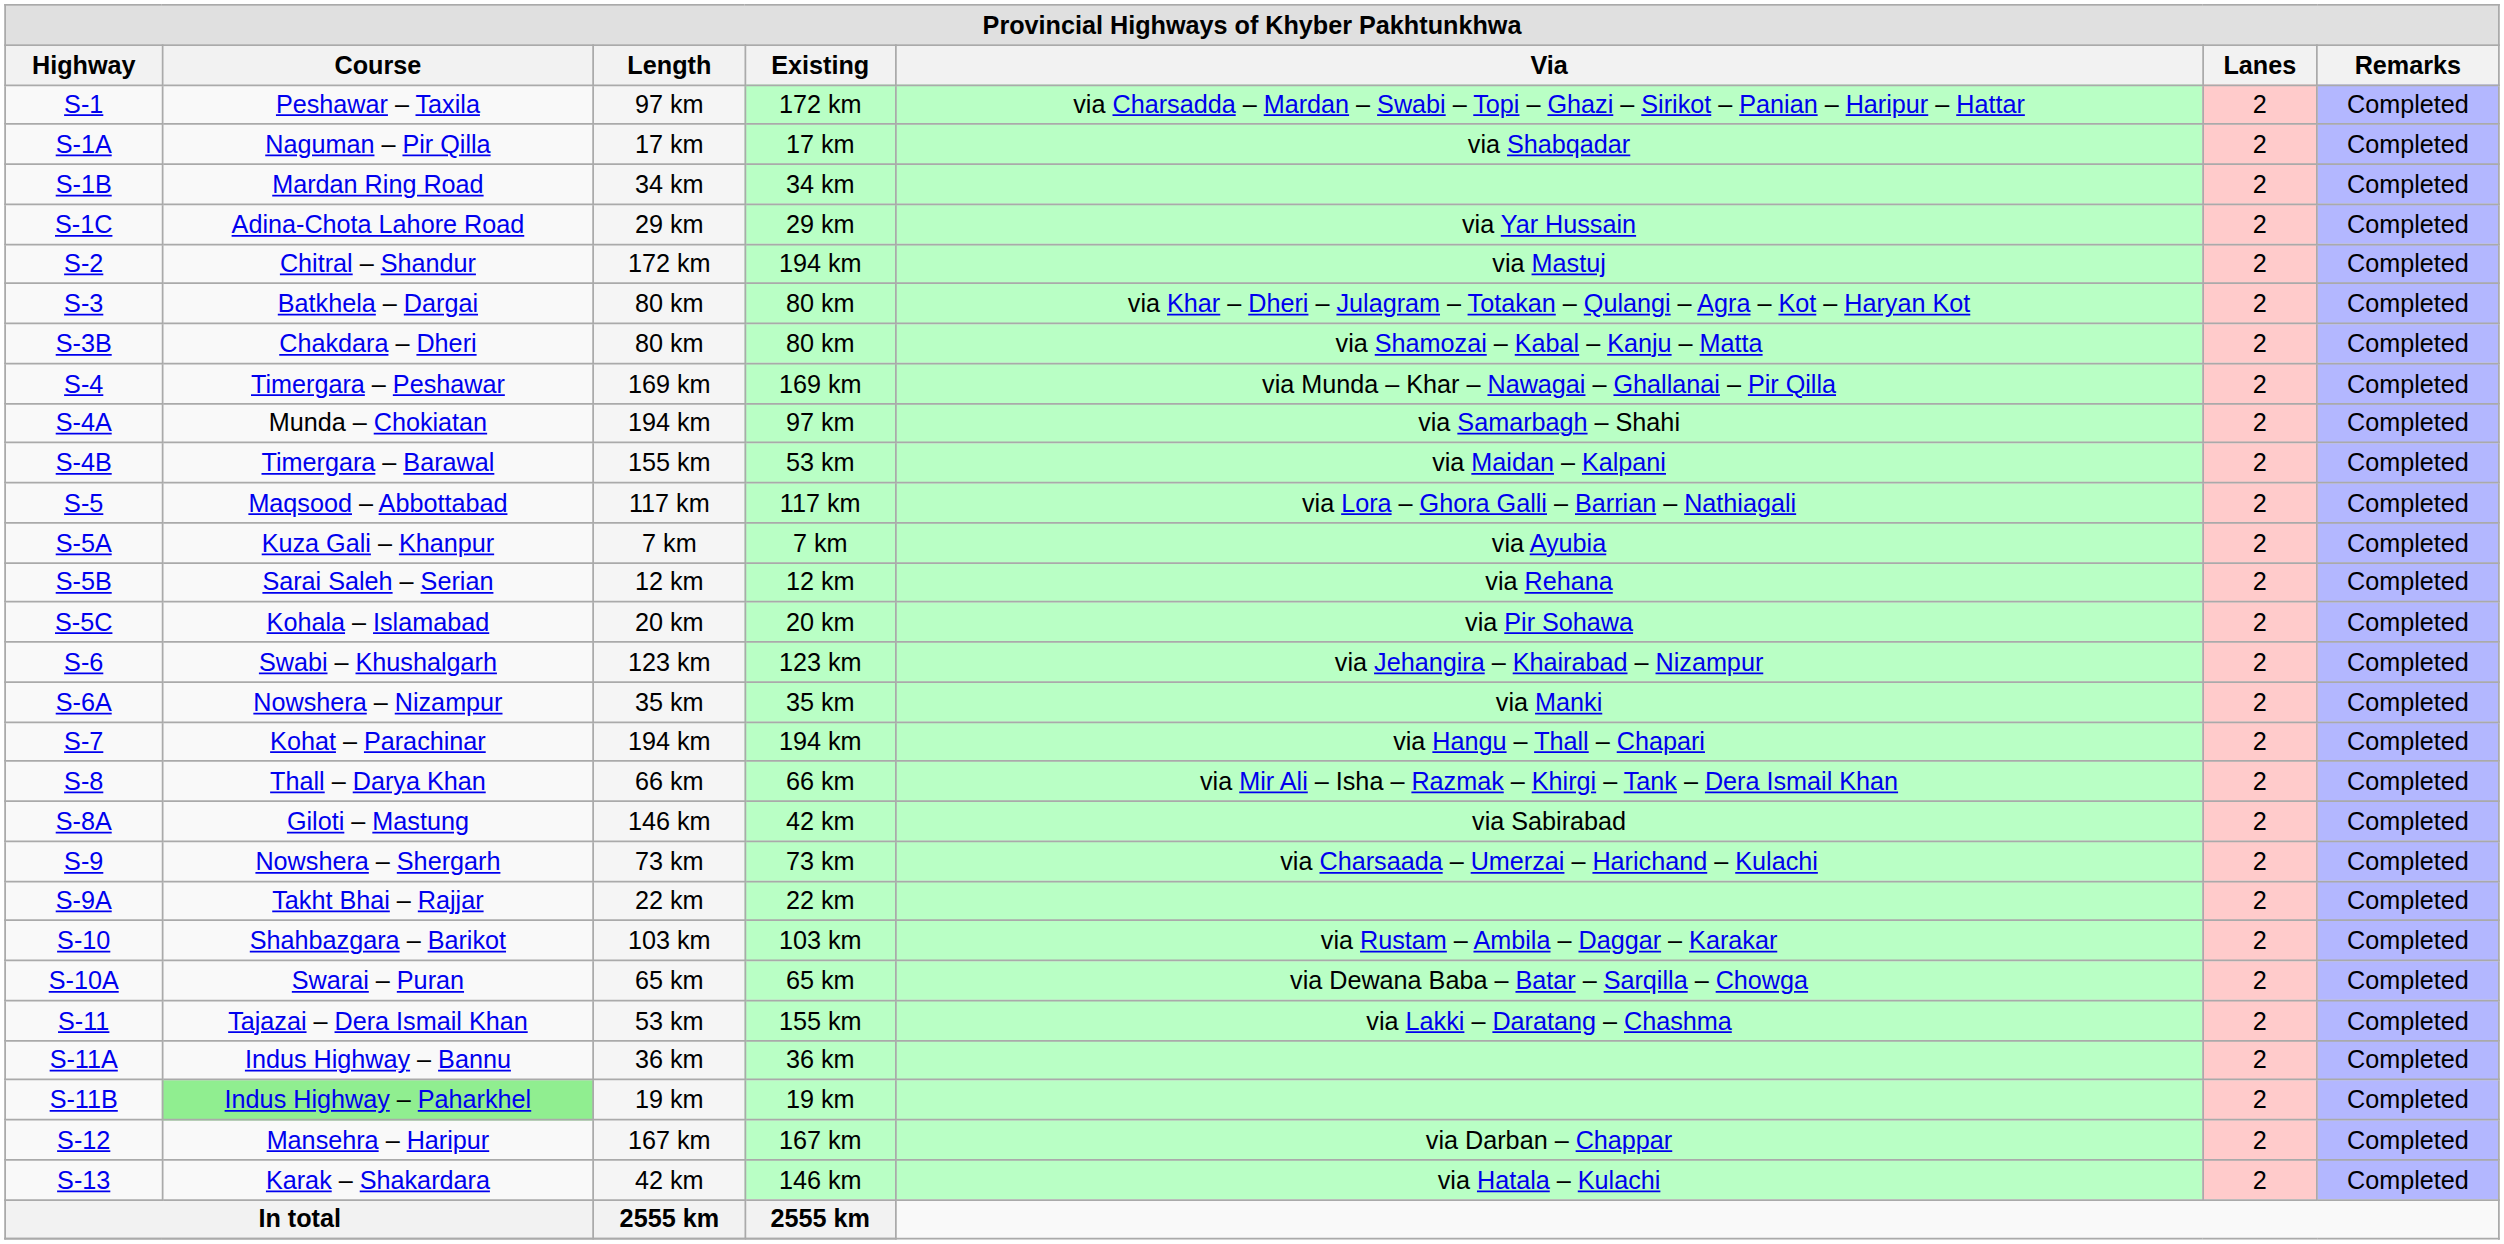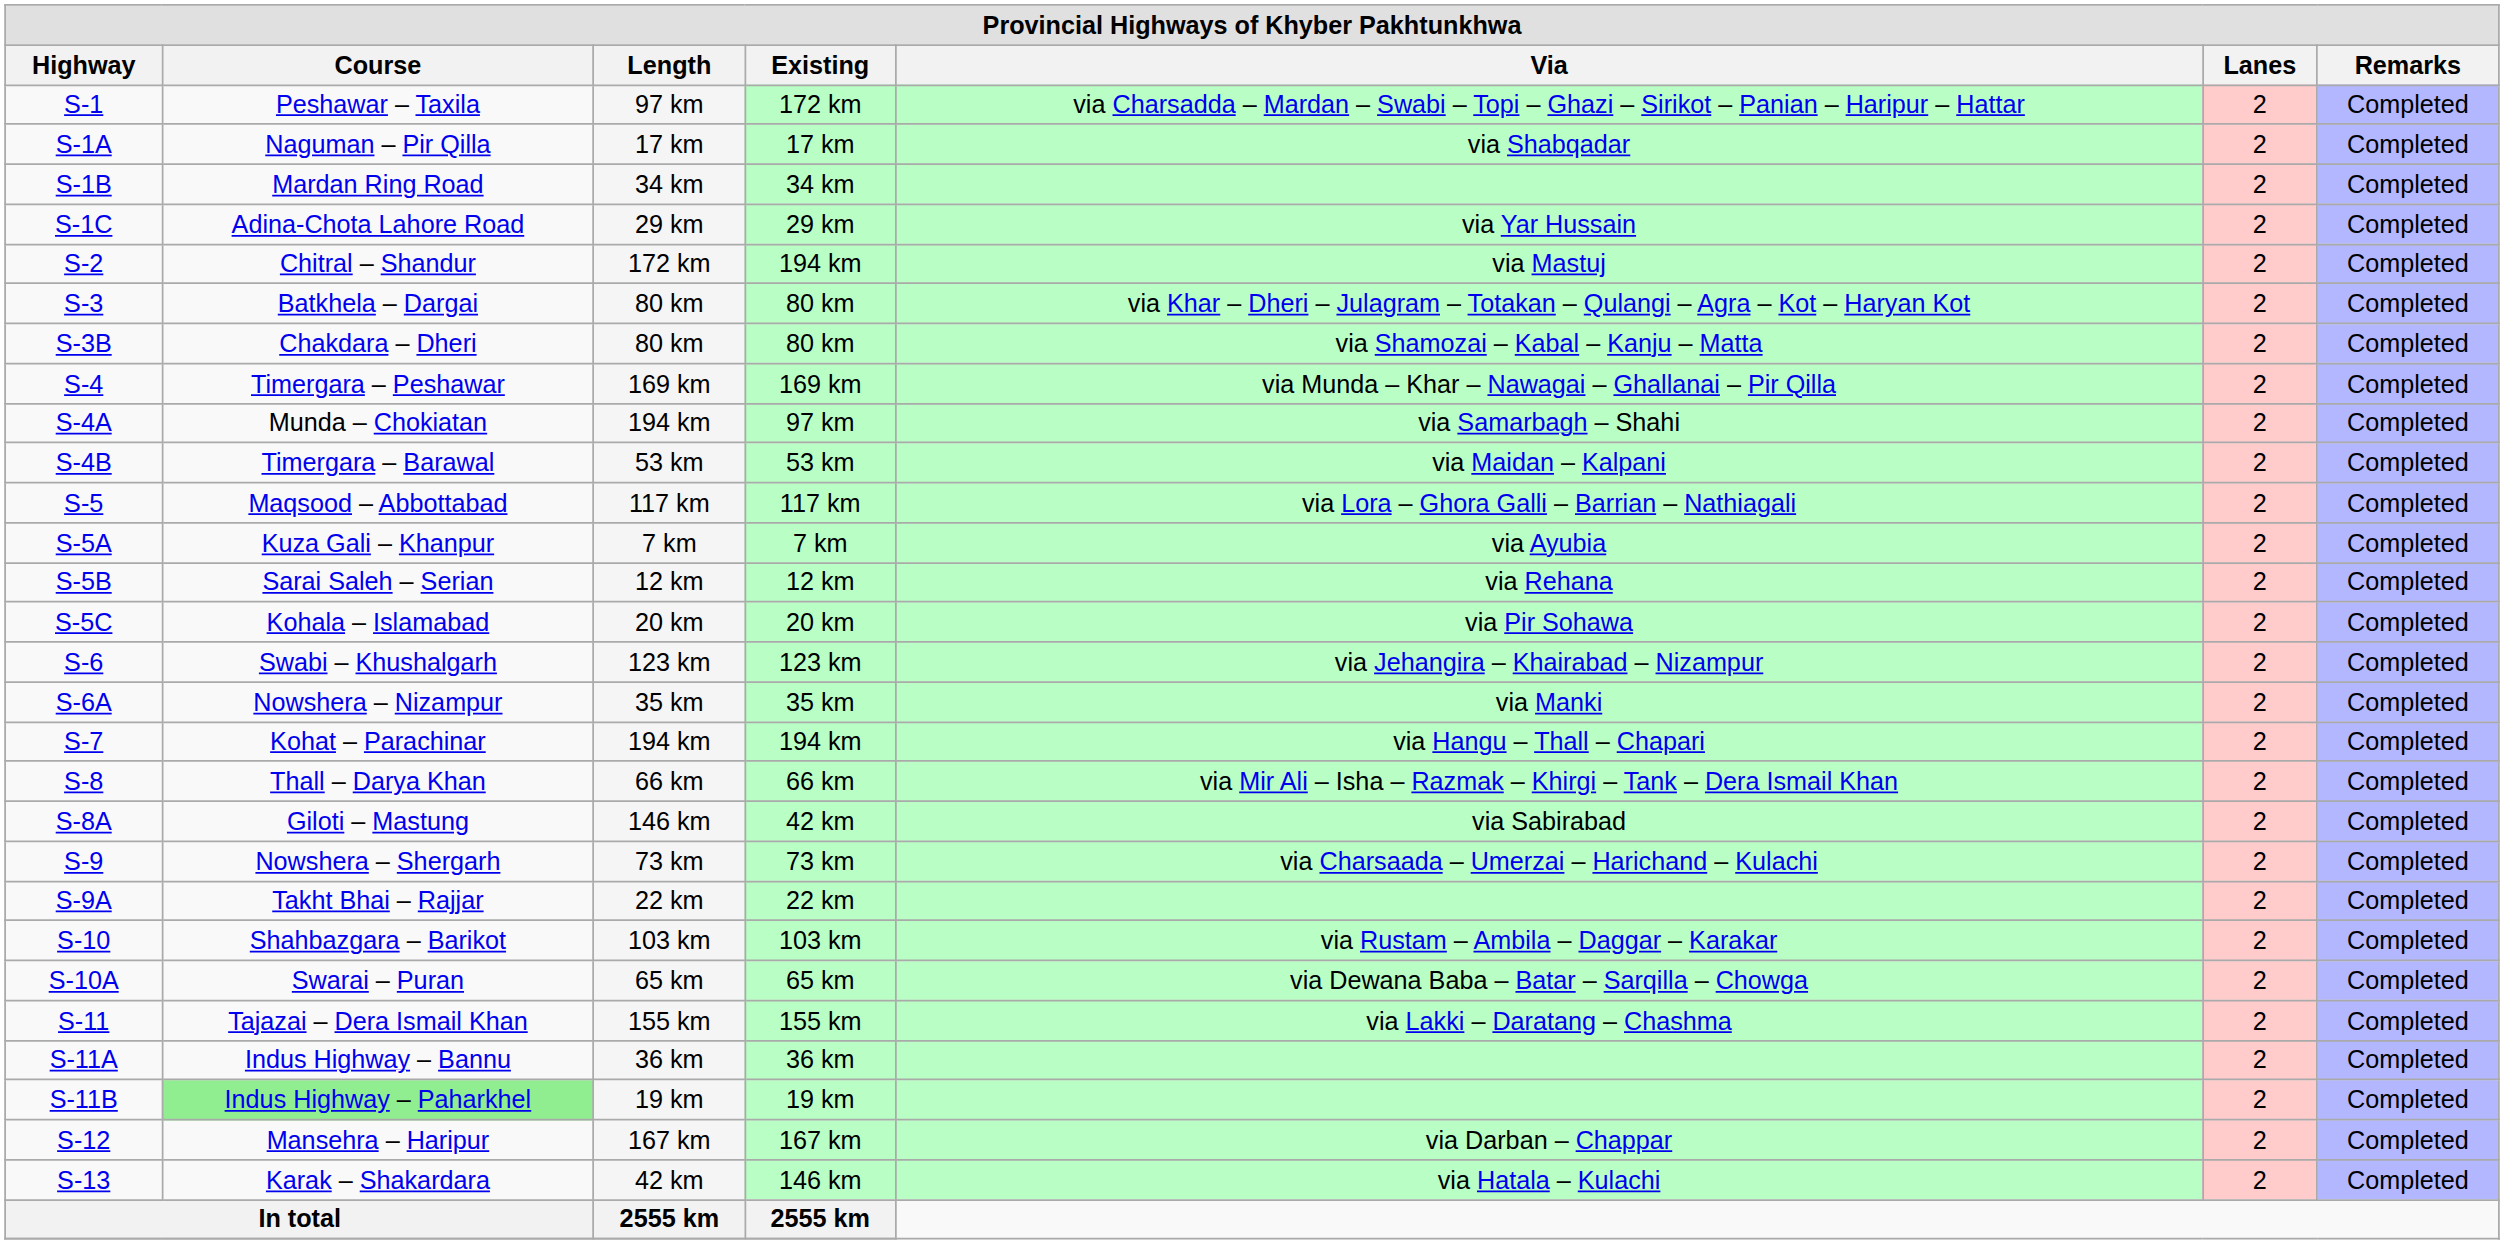 <table class="wikitable" style="margin:auto; font-size:90%; align:center; text-align:center; width:90%">
 <tr>
 <td colspan="12" bgcolor="#E0E0E0"><strong>Provincial Highways of Khyber Pakhtunkhwa</strong></td>
 </tr>
 <tr>
 <th>Highway</th>
 <th>Course</th>
 <th>Length</th>
 <th>Existing</th>
 <th>Via</th>
 <th>Lanes</th>
 <th>Remarks</th>
 </tr>
 <tr>
 <td><a href='#'>S-1</a></td>
 <td><a href='#'>Peshawar</a> – <a href='#'>Taxila</a></td>
 <td bgcolor="#F5F5F5">97 km</td>
 <td bgcolor="#B9FFC5">172 km</td>
 <td bgcolor="#B9FFC5">via <a href='#'>Charsadda</a> – <a href='#'>Mardan</a> – <a href='#'>Swabi</a> – <a href='#'>Topi</a> – <a href='#'>Ghazi</a> – <a href='#'>Sirikot</a> – <a href='#'>Panian</a> – <a href='#'>Haripur</a> – <a href='#'>Hattar</a></td>
 <td bgcolor="#FFCBCB">2</td>
 <td bgcolor="#B3B7FF">Completed</td>
 </tr>
 <tr>
 <td><a href='#'>S-1A</a></td>
 <td><a href='#'>Naguman</a> – <a href='#'>Pir Qilla</a></td>
 <td bgcolor="#F5F5F5">17 km</td>
 <td bgcolor="#B9FFC5">17 km</td>
 <td bgcolor="#B9FFC5">via <a href='#'>Shabqadar</a></td>
 <td bgcolor="#FFCBCB">2</td>
 <td bgcolor="#B3B7FF">Completed</td>
 </tr>
 <tr>
 <td><a href='#'>S-1B</a></td>
 <td><a href='#'>Mardan Ring Road</a></td>
 <td bgcolor="#F5F5F5">34 km</td>
 <td bgcolor="#B9FFC5">34 km</td>
 <td bgcolor="#B9FFC5"></td>
 <td bgcolor="#FFCBCB">2</td>
 <td bgcolor="#B3B7FF">Completed</td>
 </tr>
 <tr>
 <td><a href='#'>S-1C</a></td>
 <td><a href='#'>Adina-Chota Lahore Road</a></td>
 <td bgcolor="#F5F5F5">29 km</td>
 <td bgcolor="#B9FFC5">29 km</td>
 <td bgcolor="#B9FFC5">via <a href='#'>Yar Hussain</a></td>
 <td bgcolor="#FFCBCB">2</td>
 <td bgcolor="#B3B7FF">Completed</td>
 </tr>
 <tr>
 <td><a href='#'>S-2</a></td>
 <td><a href='#'>Chitral</a> – <a href='#'>Shandur</a></td>
 <td bgcolor="#F5F5F5">172 km</td>
 <td bgcolor="#B9FFC5">194 km</td>
 <td bgcolor="#B9FFC5">via <a href='#'>Mastuj</a></td>
 <td bgcolor="#FFCBCB">2</td>
 <td bgcolor="#B3B7FF">Completed</td>
 </tr>
 <tr>
 <td><a href='#'>S-3</a></td>
 <td><a href='#'>Batkhela</a> – <a href='#'>Dargai</a></td>
 <td bgcolor="#F5F5F5">80 km</td>
 <td bgcolor="#B9FFC5">80 km</td>
 <td bgcolor="#B9FFC5">via <a href='#'>Khar</a> – <a href='#'>Dheri</a> – <a href='#'>Julagram</a> – <a href='#'>Totakan</a> – <a href='#'>Qulangi</a> – <a href='#'>Agra</a> – <a href='#'>Kot</a> – <a href='#'>Haryan Kot</a></td>
 <td bgcolor="#FFCBCB">2</td>
 <td bgcolor="#B3B7FF">Completed</td>
 </tr>
 <tr>
 <td><a href='#'>S-3B</a></td>
 <td><a href='#'>Chakdara</a> – <a href='#'>Dheri</a></td>
 <td bgcolor="#F5F5F5">80 km</td>
 <td bgcolor="#B9FFC5">80 km</td>
 <td bgcolor="#B9FFC5">via <a href='#'>Shamozai</a> – <a href='#'>Kabal</a> – <a href='#'>Kanju</a> – <a href='#'>Matta</a></td>
 <td bgcolor="#FFCBCB">2</td>
 <td bgcolor="#B3B7FF">Completed</td>
 </tr>
 <tr>
 <td><a href='#'>S-4</a></td>
 <td><a href='#'>Timergara</a> – <a href='#'>Peshawar</a></td>
 <td bgcolor="#F5F5F5">169 km</td>
 <td bgcolor="#B9FFC5">169 km</td>
 <td bgcolor="#B9FFC5">via Munda – Khar – <a href='#'>Nawagai</a> – <a href='#'>Ghallanai</a> – <a href='#'>Pir Qilla</a></td>
 <td bgcolor="#FFCBCB">2</td>
 <td bgcolor="#B3B7FF">Completed</td>
 </tr>
 <tr>
 <td><a href='#'>S-4A</a></td>
 <td>Munda – <a href='#'>Chokiatan</a></td>
 <td bgcolor="#F5F5F5">194 km</td>
 <td bgcolor="#B9FFC5">97 km</td>
 <td bgcolor="#B9FFC5">via <a href='#'>Samarbagh</a> – Shahi</td>
 <td bgcolor="#FFCBCB">2</td>
 <td bgcolor="#B3B7FF">Completed</td>
 </tr>
 <tr>
 <td><a href='#'>S-4B</a></td>
 <td><a href='#'>Timergara</a> – <a href='#'>Barawal</a></td>
-<td bgcolor="#F5F5F5">155 km</td>
+<td bgcolor="#F5F5F5">53 km</td>
 <td bgcolor="#B9FFC5">53 km</td>
 <td bgcolor="#B9FFC5">via <a href='#'>Maidan</a> – <a href='#'>Kalpani</a></td>
 <td bgcolor="#FFCBCB">2</td>
 <td bgcolor="#B3B7FF">Completed</td>
 </tr>
 <tr>
 <td><a href='#'>S-5</a></td>
 <td><a href='#'>Maqsood</a> – <a href='#'>Abbottabad</a></td>
 <td bgcolor="#F5F5F5">117 km</td>
 <td bgcolor="#B9FFC5">117 km</td>
 <td bgcolor="#B9FFC5">via <a href='#'>Lora</a> – <a href='#'>Ghora Galli</a> – <a href='#'>Barrian</a> – <a href='#'>Nathiagali</a></td>
 <td bgcolor="#FFCBCB">2</td>
 <td bgcolor="#B3B7FF">Completed</td>
 </tr>
 <tr>
 <td><a href='#'>S-5A</a></td>
 <td><a href='#'>Kuza Gali</a> – <a href='#'>Khanpur</a></td>
 <td bgcolor="#F5F5F5">7 km</td>
 <td bgcolor="#B9FFC5">7 km</td>
 <td bgcolor="#B9FFC5">via <a href='#'>Ayubia</a></td>
 <td bgcolor="#FFCBCB">2</td>
 <td bgcolor="#B3B7FF">Completed</td>
 </tr>
 <tr>
 <td><a href='#'>S-5B</a></td>
 <td><a href='#'>Sarai Saleh</a> – <a href='#'>Serian</a></td>
 <td bgcolor="#F5F5F5">12 km</td>
 <td bgcolor="#B9FFC5">12 km</td>
 <td bgcolor="#B9FFC5">via <a href='#'>Rehana</a></td>
 <td bgcolor="#FFCBCB">2</td>
 <td bgcolor="#B3B7FF">Completed</td>
 </tr>
 <tr>
 <td><a href='#'>S-5C</a></td>
 <td><a href='#'>Kohala</a> – <a href='#'>Islamabad</a></td>
 <td bgcolor="#F5F5F5">20 km</td>
 <td bgcolor="#B9FFC5">20 km</td>
 <td bgcolor="#B9FFC5">via <a href='#'>Pir Sohawa</a></td>
 <td bgcolor="#FFCBCB">2</td>
 <td bgcolor="#B3B7FF">Completed</td>
 </tr>
 <tr>
 <td><a href='#'>S-6</a></td>
 <td><a href='#'>Swabi</a> – <a href='#'>Khushalgarh</a></td>
 <td bgcolor="#F5F5F5">123 km</td>
 <td bgcolor="#B9FFC5">123 km</td>
 <td bgcolor="#B9FFC5">via <a href='#'>Jehangira</a> – <a href='#'>Khairabad</a> – <a href='#'>Nizampur</a></td>
 <td bgcolor="#FFCBCB">2</td>
 <td bgcolor="#B3B7FF">Completed</td>
 </tr>
 <tr>
 <td><a href='#'>S-6A</a></td>
 <td><a href='#'>Nowshera</a> – <a href='#'>Nizampur</a></td>
 <td bgcolor="#F5F5F5">35 km</td>
 <td bgcolor="#B9FFC5">35 km</td>
 <td bgcolor="#B9FFC5">via <a href='#'>Manki</a></td>
 <td bgcolor="#FFCBCB">2</td>
 <td bgcolor="#B3B7FF">Completed</td>
 </tr>
 <tr>
 <td><a href='#'>S-7</a></td>
 <td><a href='#'>Kohat</a> – <a href='#'>Parachinar</a></td>
 <td bgcolor="#F5F5F5">194 km</td>
 <td bgcolor="#B9FFC5">194 km</td>
 <td bgcolor="#B9FFC5">via <a href='#'>Hangu</a> – <a href='#'>Thall</a> – <a href='#'>Chapari</a></td>
 <td bgcolor="#FFCBCB">2</td>
 <td bgcolor="#B3B7FF">Completed</td>
 </tr>
 <tr>
 <td><a href='#'>S-8</a></td>
 <td><a href='#'>Thall</a> – <a href='#'>Darya Khan</a></td>
 <td bgcolor="#F5F5F5">66 km</td>
 <td bgcolor="#B9FFC5">66 km</td>
 <td bgcolor="#B9FFC5">via <a href='#'>Mir Ali</a> – Isha – <a href='#'>Razmak</a> – <a href='#'>Khirgi</a> – <a href='#'>Tank</a> – <a href='#'>Dera Ismail Khan</a></td>
 <td bgcolor="#FFCBCB">2</td>
 <td bgcolor="#B3B7FF">Completed</td>
 </tr>
 <tr>
 <td><a href='#'>S-8A</a></td>
 <td><a href='#'>Giloti</a> – <a href='#'>Mastung</a></td>
 <td bgcolor="#F5F5F5">146 km</td>
 <td bgcolor="#B9FFC5">42 km</td>
 <td bgcolor="#B9FFC5">via Sabirabad</td>
 <td bgcolor="#FFCBCB">2</td>
 <td bgcolor="#B3B7FF">Completed</td>
 </tr>
 <tr>
 <td><a href='#'>S-9</a></td>
 <td><a href='#'>Nowshera</a> – <a href='#'>Shergarh</a></td>
 <td bgcolor="#F5F5F5">73 km</td>
 <td bgcolor="#B9FFC5">73 km</td>
 <td bgcolor="#B9FFC5">via <a href='#'>Charsaada</a> – <a href='#'>Umerzai</a> – <a href='#'>Harichand</a> – <a href='#'>Kulachi</a></td>
 <td bgcolor="#FFCBCB">2</td>
 <td bgcolor="#B3B7FF">Completed</td>
 </tr>
 <tr>
 <td><a href='#'>S-9A</a></td>
 <td><a href='#'>Takht Bhai</a> – <a href='#'>Rajjar</a></td>
 <td bgcolor="#F5F5F5">22 km</td>
 <td bgcolor="#B9FFC5">22 km</td>
 <td bgcolor="#B9FFC5"></td>
 <td bgcolor="#FFCBCB">2</td>
 <td bgcolor="#B3B7FF">Completed</td>
 </tr>
 <tr>
 <td><a href='#'>S-10</a></td>
 <td><a href='#'>Shahbazgara</a> – <a href='#'>Barikot</a></td>
 <td bgcolor="#F5F5F5">103 km</td>
 <td bgcolor="#B9FFC5">103 km</td>
 <td bgcolor="#B9FFC5">via <a href='#'>Rustam</a> – <a href='#'>Ambila</a> – <a href='#'>Daggar</a> – <a href='#'>Karakar</a></td>
 <td bgcolor="#FFCBCB">2</td>
 <td bgcolor="#B3B7FF">Completed</td>
 </tr>
 <tr>
 <td><a href='#'>S-10A</a></td>
 <td><a href='#'>Swarai</a> – <a href='#'>Puran</a></td>
 <td bgcolor="#F5F5F5">65 km</td>
 <td bgcolor="#B9FFC5">65 km</td>
 <td bgcolor="#B9FFC5">via Dewana Baba – <a href='#'>Batar</a> – <a href='#'>Sarqilla</a> – <a href='#'>Chowga</a></td>
 <td bgcolor="#FFCBCB">2</td>
 <td bgcolor="#B3B7FF">Completed</td>
 </tr>
 <tr>
 <td><a href='#'>S-11</a></td>
 <td><a href='#'>Tajazai</a> – <a href='#'>Dera Ismail Khan</a></td>
-<td bgcolor="#F5F5F5">53 km</td>
+<td bgcolor="#F5F5F5">155 km</td>
 <td bgcolor="#B9FFC5">155 km</td>
 <td bgcolor="#B9FFC5">via <a href='#'>Lakki</a> – <a href='#'>Daratang</a> – <a href='#'>Chashma</a></td>
 <td bgcolor="#FFCBCB">2</td>
 <td bgcolor="#B3B7FF">Completed</td>
 </tr>
 <tr>
 <td><a href='#'>S-11A</a></td>
 <td><a href='#'>Indus Highway</a> – <a href='#'>Bannu</a></td>
 <td bgcolor="#F5F5F5">36 km</td>
 <td bgcolor="#B9FFC5">36 km</td>
 <td bgcolor="#B9FFC5"></td>
 <td bgcolor="#FFCBCB">2</td>
 <td bgcolor="#B3B7FF">Completed</td>
 </tr>
 <tr>
 <td><a href='#'>S-11B</a></td>
 <td style="background: lightgreen;"><a href='#'>Indus Highway</a> – <a href='#'>Paharkhel</a></td>
 <td bgcolor="#F5F5F5">19 km</td>
 <td bgcolor="#B9FFC5">19 km</td>
 <td bgcolor="#B9FFC5"></td>
 <td bgcolor="#FFCBCB">2</td>
 <td bgcolor="#B3B7FF">Completed</td>
 </tr>
 <tr>
 <td><a href='#'>S-12</a></td>
 <td><a href='#'>Mansehra</a> – <a href='#'>Haripur</a></td>
 <td bgcolor="#F5F5F5">167 km</td>
 <td bgcolor="#B9FFC5">167 km</td>
 <td bgcolor="#B9FFC5">via Darban – <a href='#'>Chappar</a></td>
 <td bgcolor="#FFCBCB">2</td>
 <td bgcolor="#B3B7FF">Completed</td>
 </tr>
 <tr>
 <td><a href='#'>S-13</a></td>
 <td><a href='#'>Karak</a> – <a href='#'>Shakardara</a></td>
 <td bgcolor="#F5F5F5">42 km</td>
 <td bgcolor="#B9FFC5">146 km</td>
 <td bgcolor="#B9FFC5">via <a href='#'>Hatala</a> – <a href='#'>Kulachi</a></td>
 <td bgcolor="#FFCBCB">2</td>
 <td bgcolor="#B3B7FF">Completed</td>
 </tr>
 <tr>
 <th colspan="2">In total</th>
 <th><strong>2555 km</strong></th>
 <th><strong>2555 km</strong></th>
 </tr>
 <tr>
 </tr>
 </table>
